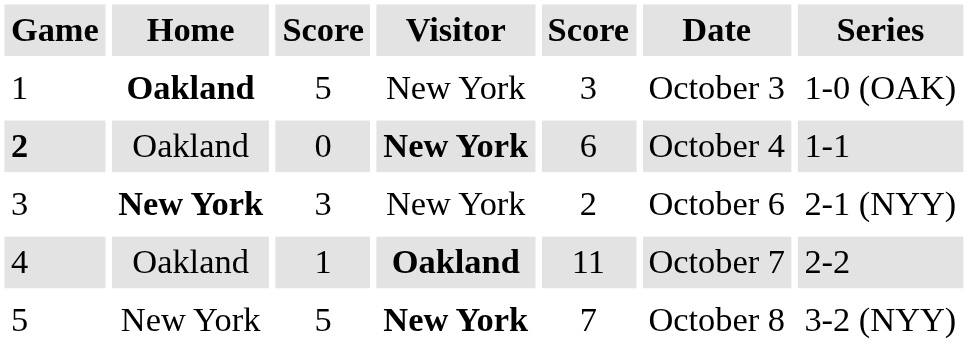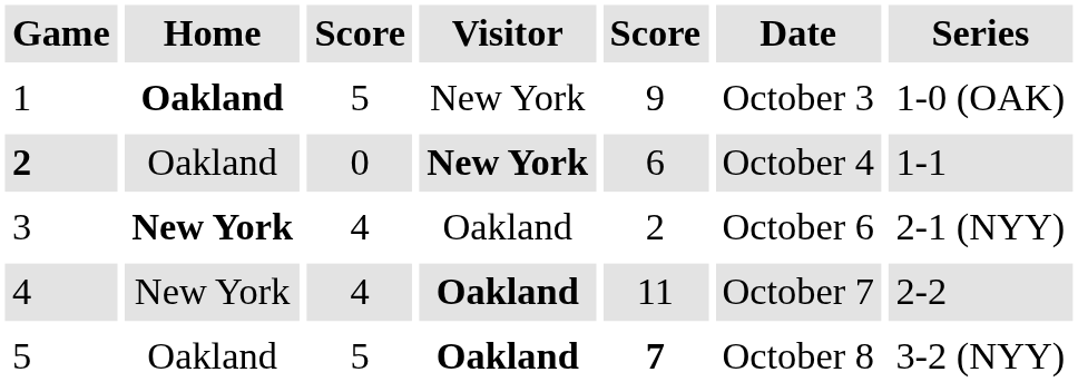 <table border="0" cellspacing="3" cellpadding="3">
 <tr style="background: #e3e3e3;">
 <th>Game</th>
 <th>Home</th>
 <th>Score</th>
 <th>Visitor</th>
 <th>Score</th>
 <th>Date</th>
 <th>Series</th>
 </tr>
 <tr>
 <td>1</td>
 <td align="center"><strong>Oakland</strong></td>
 <td align="center">5</td>
 <td align="center">New York</td>
-<td align="center">3</td>
+<td align="center">9</td>
 <td align="center">October 3</td>
 <td>1-0 (OAK)</td>
 </tr>
 <tr style="background: #e3e3e3;">
 <td><strong>2</strong></td>
 <td align="center">Oakland</td>
 <td align="center">0</td>
 <td align="center"><strong>New York</strong></td>
 <td align="center">6</td>
 <td align="center">October 4</td>
 <td>1-1</td>
 </tr>
 <tr>
 <td>3</td>
 <td align="center"><strong>New York</strong></td>
-<td align="center">3</td>
-<td align="center">New York</td>
+<td align="center">4</td>
+<td align="center">Oakland</td>
 <td align="center">2</td>
 <td align="center">October 6</td>
 <td>2-1 (NYY)</td>
 </tr>
 <tr style="background: #e3e3e3;">
 <td>4</td>
-<td align="center">Oakland</td>
-<td align="center">1</td>
+<td align="center">New York</td>
+<td align="center">4</td>
 <td align="center"><strong>Oakland</strong></td>
 <td align="center">11</td>
 <td align="center">October 7</td>
 <td>2-2</td>
 </tr>
 <tr>
 <td>5</td>
-<td align="center">New York</td>
+<td align="center">Oakland</td>
 <td align="center">5</td>
-<td align="center"><strong>New York</strong></td>
-<td align="center">7</td>
+<td align="center"><strong>Oakland</strong></td>
+<td align="center"><strong>7</strong></td>
 <td align="center">October 8</td>
 <td>3-2 (NYY)</td>
 </tr>
 <tr>
 </tr>
 </table>
